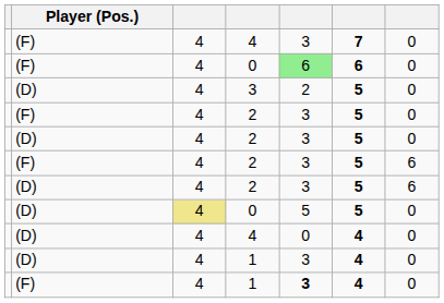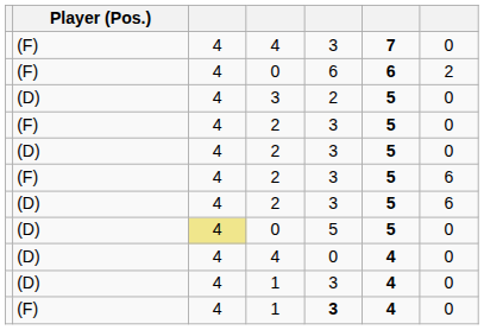 <table class="wikitable sortable" style="text-align: center">
 <tr>
 <th></th>
 <th style="width: 10em;">Player (Pos.)</th>
 <th style="width: 3em;"></th>
 <th style="width: 3em;"></th>
 <th style="width: 3em;"></th>
 <th style="width: 3em;"></th>
 <th style="width: 3em;"></th>
 </tr>
 <tr>
 <td></td>
 <td align="left"> (F)</td>
 <td>4</td>
 <td>4</td>
 <td>3</td>
 <td><strong>7</strong></td>
 <td>0</td>
 </tr>
 <tr>
 <td></td>
 <td align="left"> (F)</td>
 <td>4</td>
 <td>0</td>
-<td style="background: lightgreen;">6</td>
+<td>6</td>
 <td><strong>6</strong></td>
-<td>0</td>
+<td>2</td>
 </tr>
 <tr>
 <td></td>
 <td align="left"> (D)</td>
 <td>4</td>
 <td>3</td>
 <td>2</td>
 <td><strong>5</strong></td>
 <td>0</td>
 </tr>
 <tr>
 <td></td>
 <td align="left"> (F)</td>
 <td>4</td>
 <td>2</td>
 <td>3</td>
 <td><strong>5</strong></td>
 <td>0</td>
 </tr>
 <tr>
 <td></td>
 <td align="left"> (D)</td>
 <td>4</td>
 <td>2</td>
 <td>3</td>
 <td><strong>5</strong></td>
 <td>0</td>
 </tr>
 <tr>
 <td></td>
 <td align="left"> (F)</td>
 <td>4</td>
 <td>2</td>
 <td>3</td>
 <td><strong>5</strong></td>
 <td>6</td>
 </tr>
 <tr>
 <td></td>
 <td align="left"> (D)</td>
 <td>4</td>
 <td>2</td>
 <td>3</td>
 <td><strong>5</strong></td>
 <td>6</td>
 </tr>
 <tr>
 <td></td>
 <td align="left"> (D)</td>
 <td style="background: khaki;">4</td>
 <td>0</td>
 <td>5</td>
 <td><strong>5</strong></td>
 <td>0</td>
 </tr>
 <tr>
 <td></td>
 <td align="left"> (D)</td>
 <td>4</td>
 <td>4</td>
 <td>0</td>
 <td><strong>4</strong></td>
 <td>0</td>
 </tr>
 <tr>
 <td></td>
 <td align="left"> (D)</td>
 <td>4</td>
 <td>1</td>
 <td>3</td>
 <td><strong>4</strong></td>
 <td>0</td>
 </tr>
 <tr>
 <td></td>
 <td align="left"> (F)</td>
 <td>4</td>
 <td>1</td>
 <td><strong>3</strong></td>
 <td><strong>4</strong></td>
 <td>0</td>
 </tr>
 </table>
